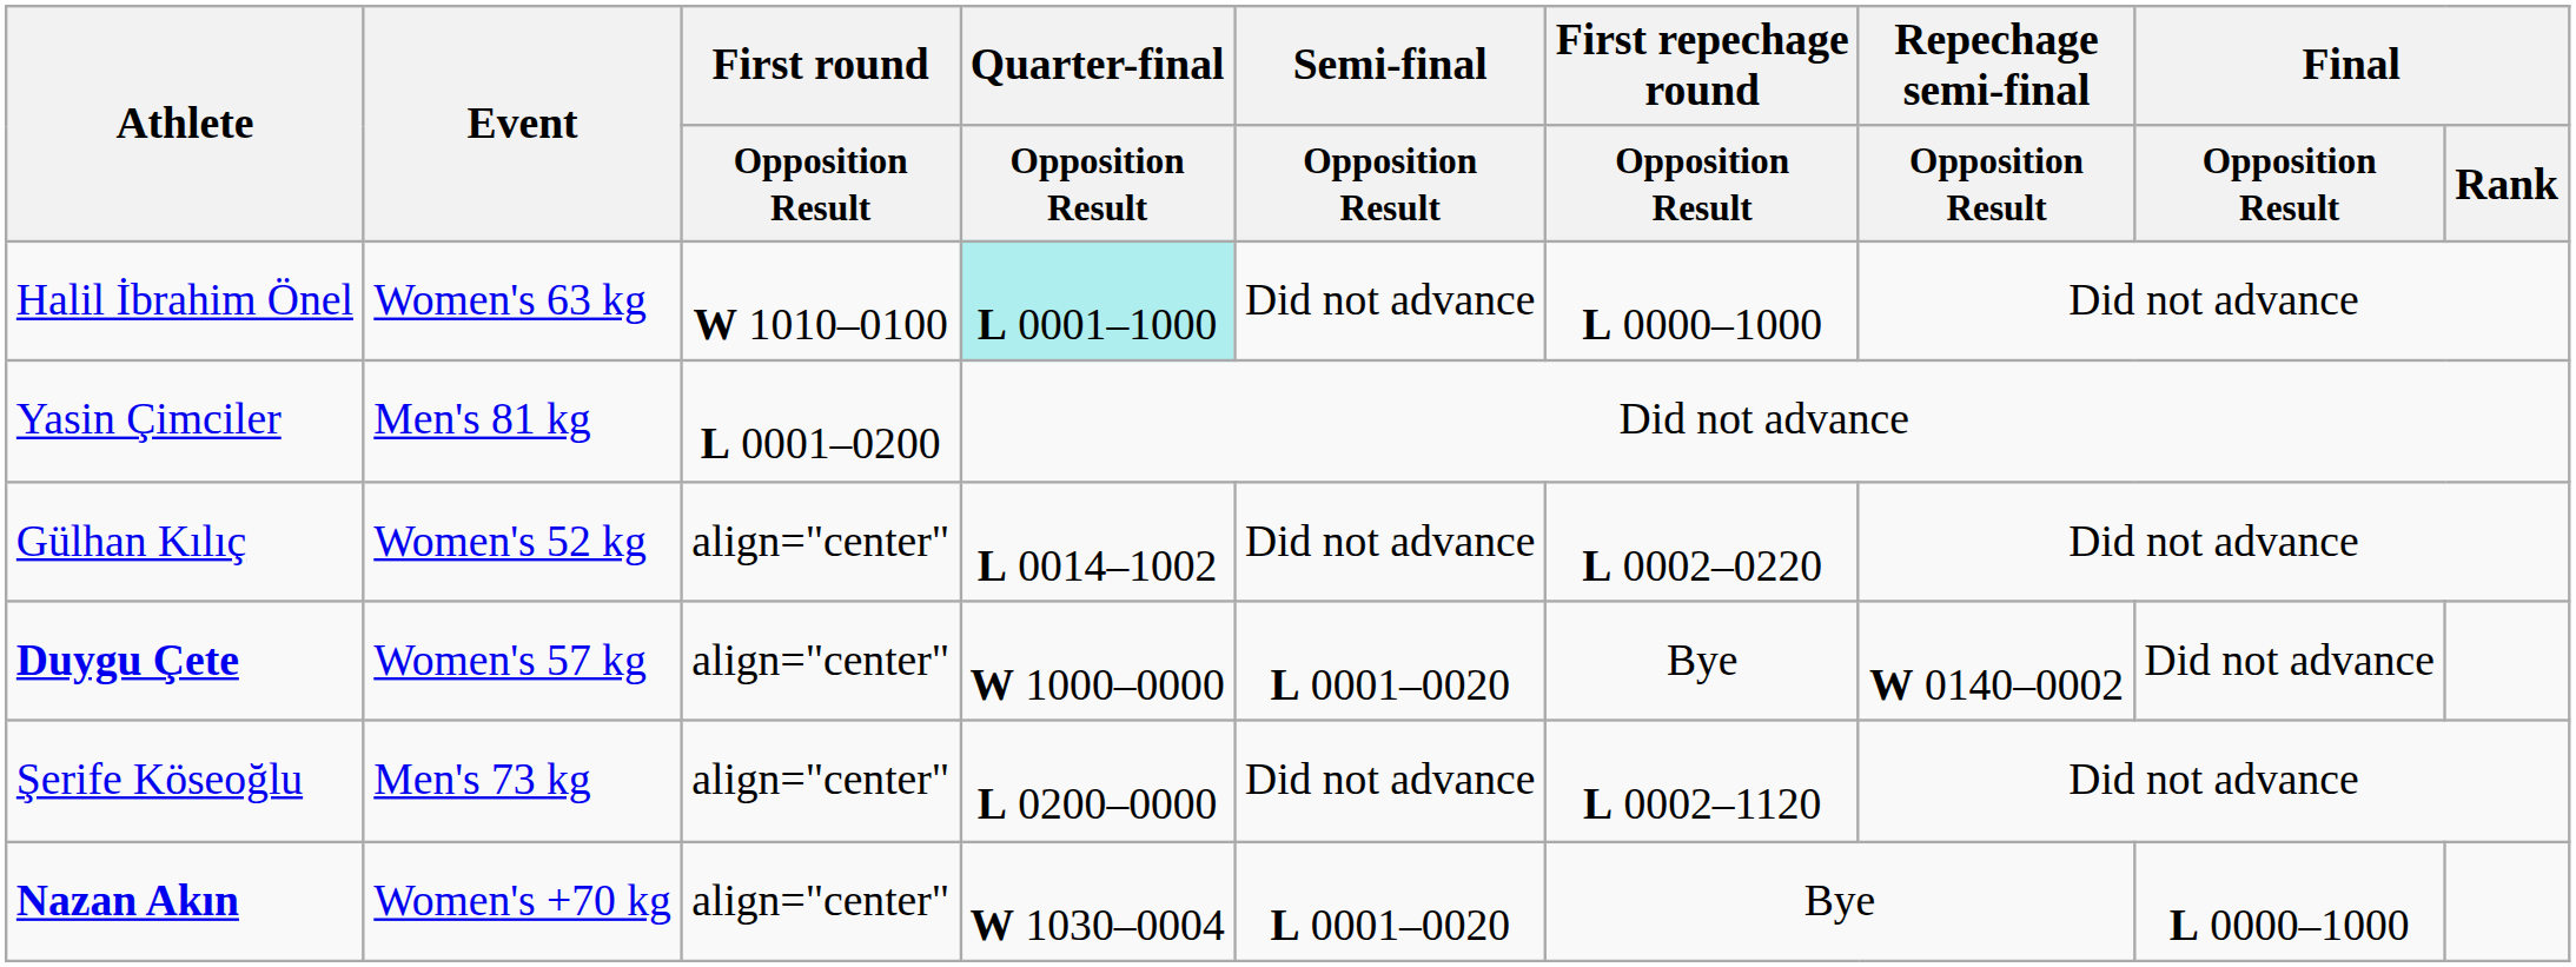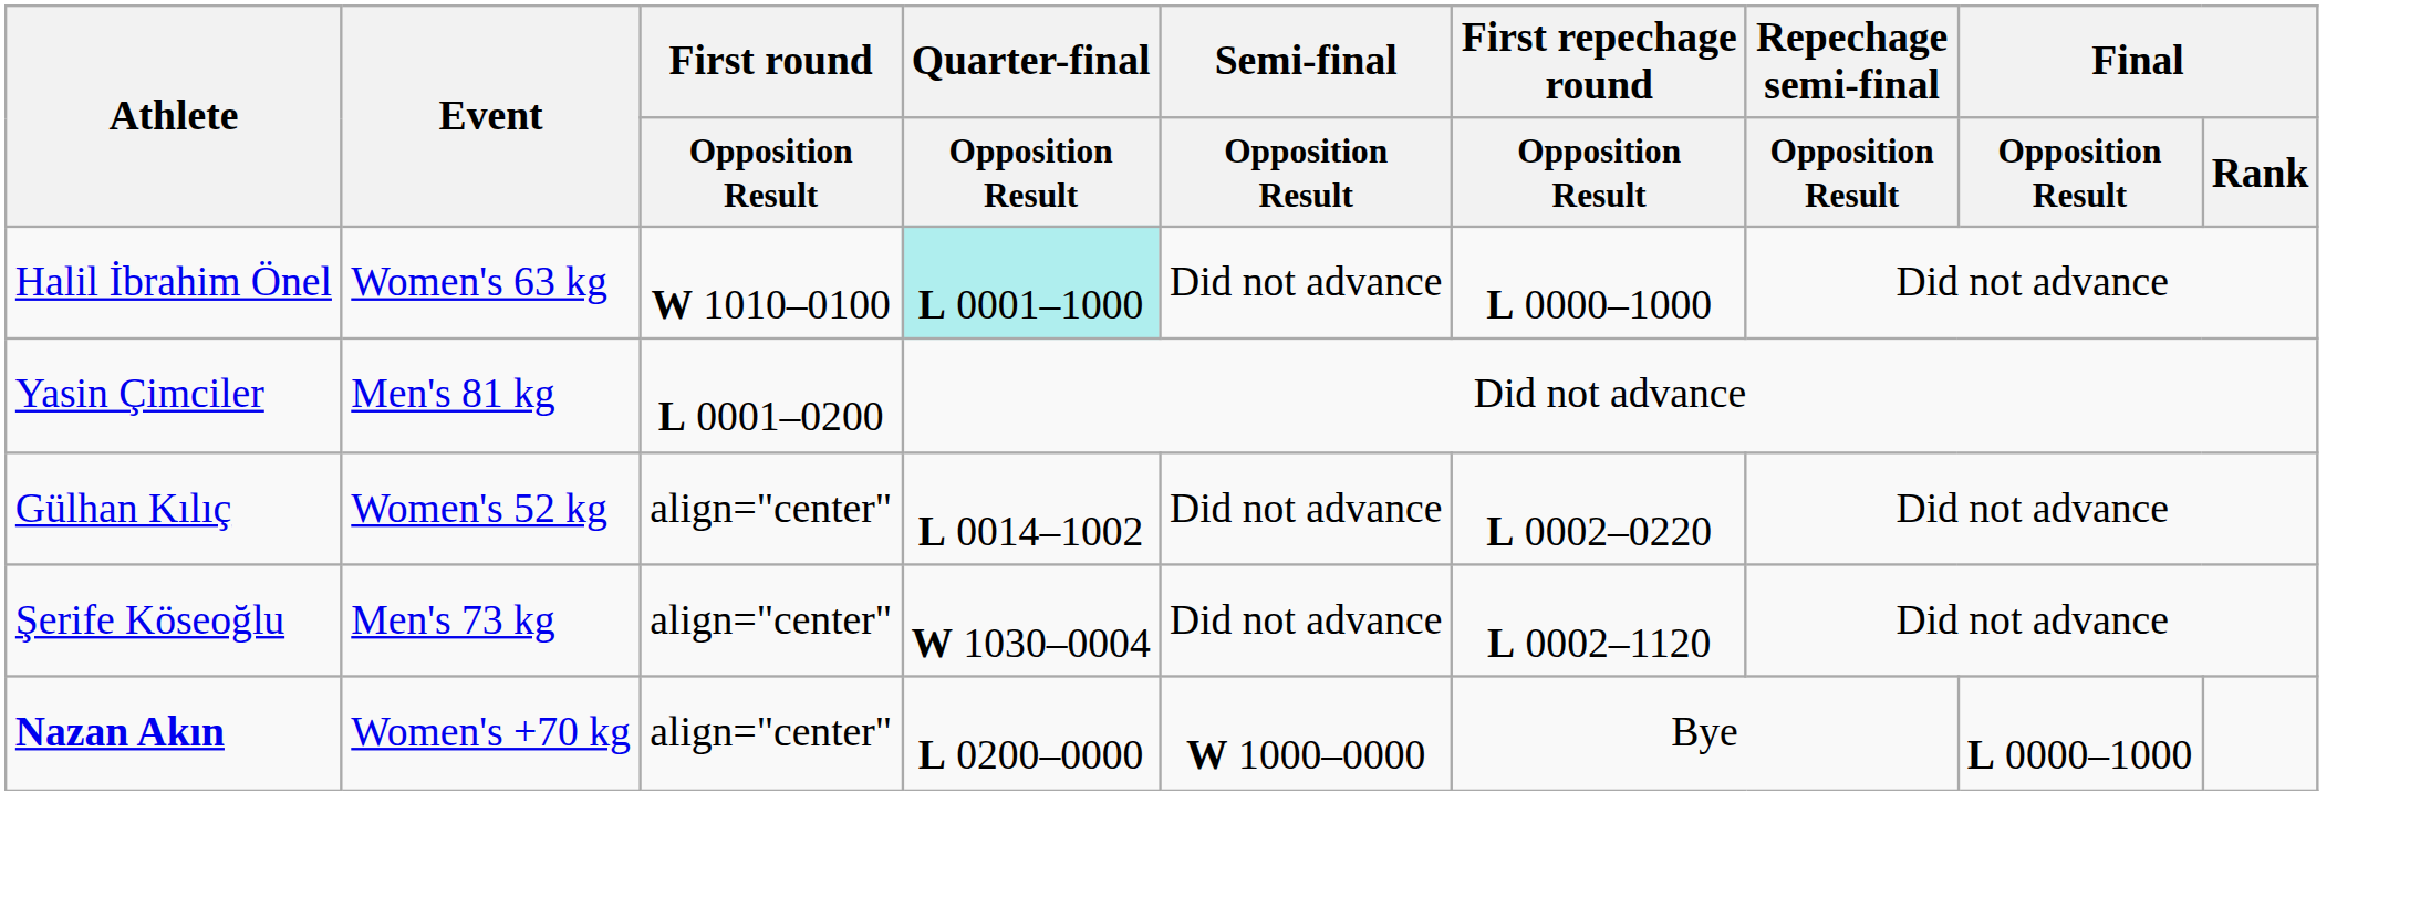 <table class="wikitable" border="1">
 <tr>
 <th rowspan="2">Athlete</th>
 <th rowspan="2">Event</th>
 <th>First round</th>
 <th>Quarter-final</th>
 <th>Semi-final</th>
 <th>First repechage <br>round</th>
 <th>Repechage <br>semi-final</th>
 <th colspan="2">Final</th>
 </tr>
 <tr>
 <th style="line-height:1em"><small>Opposition<br>Result</small></th>
 <th style="line-height:1em"><small>Opposition<br>Result</small></th>
 <th style="line-height:1em"><small>Opposition<br>Result</small></th>
 <th style="line-height:1em"><small>Opposition<br>Result</small></th>
 <th style="line-height:1em"><small>Opposition<br>Result</small></th>
 <th style="line-height:1em"><small>Opposition<br>Result</small></th>
 <th style="line-height:1em">Rank</th>
 </tr>
 <tr>
 <td><a href='#'>Halil İbrahim Önel</a></td>
 <td><a href='#'>Women's 63 kg</a></td>
 <td align=center><br><strong>W</strong> 1010–0100</td>
 <td align=center style="background: paleturquoise;"><br><strong>L</strong> 0001–1000</td>
 <td align="center">Did not advance</td>
 <td align=center><br><strong>L</strong> 0000–1000</td>
 <td align="center" colspan=3>Did not advance</td>
 </tr>
 <tr>
 <td><a href='#'>Yasin Çimciler</a></td>
 <td><a href='#'>Men's 81 kg</a></td>
 <td align=center><br><strong>L</strong> 0001–0200</td>
 <td align="center" colspan=6>Did not advance</td>
 </tr>
 <tr>
 <td><a href='#'>Gülhan Kılıç</a></td>
 <td><a href='#'>Women's 52 kg</a></td>
 <td>align="center" </td>
 <td align=center><br><strong>L</strong> 0014–1002</td>
 <td align="center">Did not advance</td>
 <td align=center><br><strong>L</strong> 0002–0220</td>
 <td align="center" colspan=3>Did not advance</td>
 </tr>
 <tr>
-<td><strong><a href='#'>Duygu Çete</a></strong></td>
-<td><a href='#'>Women's 57 kg</a></td>
-<td>align="center" </td>
-<td align=center><br><strong>W</strong> 1000–0000</td>
-<td align=center><br><strong>L</strong> 0001–0020</td>
-<td align="center">Bye</td>
-<td align=center><br><strong>W</strong> 0140–0002</td>
-<td align="center">Did not advance</td>
-<td align="center"></td>
-</tr>
-<tr>
 <td><a href='#'>Şerife Köseoğlu</a></td>
 <td><a href='#'>Men's 73 kg</a></td>
 <td>align="center" </td>
-<td align=center><br><strong>L</strong> 0200–0000</td>
+<td align=center><br><strong>W</strong> 1030–0004</td>
 <td align="center">Did not advance</td>
 <td align=center><br><strong>L</strong> 0002–1120</td>
 <td align="center" colspan=3>Did not advance</td>
 </tr>
 <tr>
 <td><strong><a href='#'>Nazan Akın</a></strong></td>
 <td><a href='#'>Women's +70 kg</a></td>
 <td>align="center" </td>
-<td align=center><br><strong>W</strong> 1030–0004</td>
-<td align=center><br><strong>L</strong> 0001–0020</td>
+<td align=center><br><strong>L</strong> 0200–0000</td>
+<td align=center><br><strong>W</strong> 1000–0000</td>
 <td align="center" colspan=2>Bye</td>
 <td align=center><br><strong>L</strong> 0000–1000</td>
 <td align="center"></td>
 </tr>
 </table>
